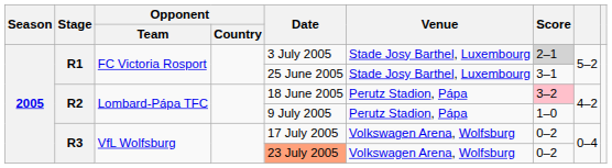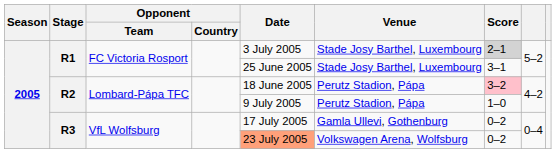 <table class="wikitable plainrowheaders">
 <tr>
 <th rowspan=2>Season</th>
 <th rowspan=2>Stage</th>
 <th scope="col" colspan=2>Opponent</th>
 <th scope="col" rowspan=2>Date</th>
 <th scope="col" rowspan=2>Venue</th>
 <th scope="col" rowspan=2>Score</th>
 <th scope="col" rowspan=2></th>
 <th scope="col" rowspan=2></th>
 </tr>
 <tr>
 <th scope="col">Team</th>
 <th scope="col">Country</th>
 </tr>
 <tr>
 <th scope=row rowspan="6"><a href='#'>2005</a></th>
 <th scope=row rowspan="2">R1</th>
 <td rowspan="2"><a href='#'>FC Victoria Rosport</a></td>
 <td rowspan="2"></td>
 <td>3 July 2005</td>
 <td><a href='#'>Stade Josy Barthel</a>, <a href='#'>Luxembourg</a></td>
 <td style="background: lightgrey;">2–1</td>
 <td rowspan="2">5–2</td>
 <td rowspan="6" align=center></td>
 </tr>
 <tr>
 <td>25 June 2005</td>
 <td><a href='#'>Stade Josy Barthel</a>, <a href='#'>Luxembourg</a></td>
 <td>3–1</td>
 </tr>
 <tr>
 <th scope=row rowspan="2">R2</th>
 <td rowspan="2"><a href='#'>Lombard-Pápa TFC</a></td>
 <td rowspan="2"></td>
 <td>18 June 2005</td>
 <td><a href='#'>Perutz Stadion</a>, <a href='#'>Pápa</a></td>
 <td style="background: pink;">3–2</td>
 <td rowspan="2">4–2</td>
 </tr>
 <tr>
 <td>9 July 2005</td>
 <td><a href='#'>Perutz Stadion</a>, <a href='#'>Pápa</a></td>
 <td>1–0</td>
 </tr>
 <tr>
 <th scope=row rowspan="2">R3</th>
 <td rowspan="2"><a href='#'>VfL Wolfsburg</a></td>
 <td rowspan="2"></td>
 <td>17 July 2005</td>
-<td><a href='#'>Volkswagen Arena</a>, <a href='#'>Wolfsburg</a></td>
+<td><a href='#'>Gamla Ullevi</a>, <a href='#'>Gothenburg</a></td>
 <td>0–2</td>
 <td rowspan="2">0–4</td>
 </tr>
 <tr>
 <td style="background: lightsalmon;">23 July 2005</td>
 <td><a href='#'>Volkswagen Arena</a>, <a href='#'>Wolfsburg</a></td>
 <td>0–2</td>
 </tr>
 </table>
